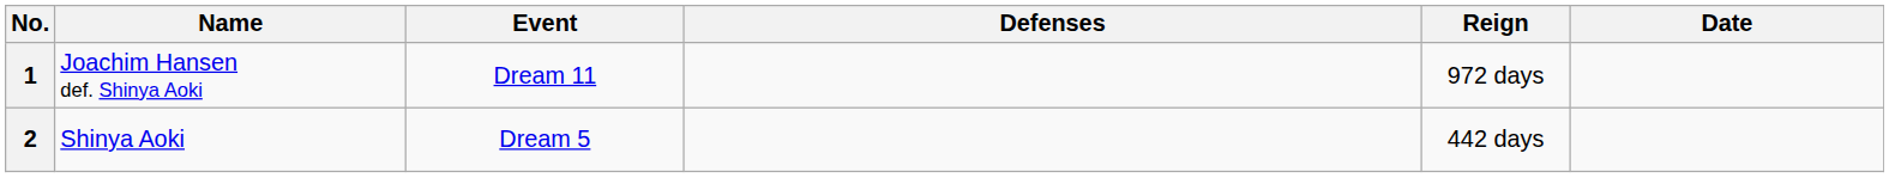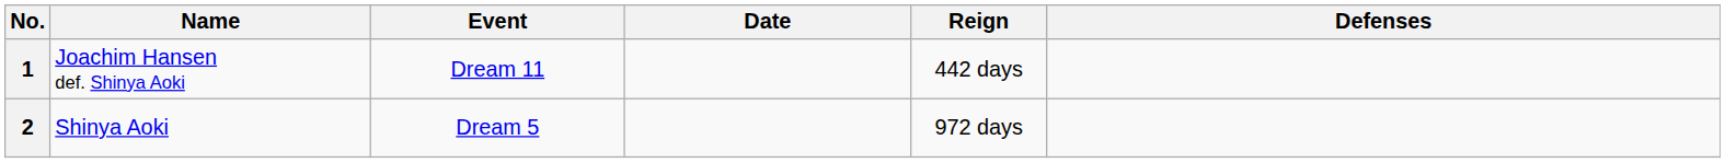 <table class="wikitable" width=100%>
 <tr>
 <th width=1%>No.</th>
 <th width=19%>Name</th>
 <th width=15%>Event</th>
+<th width=17%>Date</th>
+<th width=8%>Reign</th>
 <th width=40%>Defenses</th>
-<th width=8%>Reign</th>
-<th width=17%>Date</th>
 </tr>
 <tr>
 <th>1</th>
 <td align=left> <a href='#'>Joachim Hansen</a><br><small>def. <a href='#'>Shinya Aoki</a></small></td>
 <td align=center><a href='#'>Dream 11</a><br></td>
+<td align=center></td>
+<td align=center>442 days</td>
 <td><small></small></td>
-<td align="center">972 days</td>
-<td align=center></td>
 </tr>
 <tr>
 <th>2</th>
 <td align=left> <a href='#'>Shinya Aoki</a></td>
 <td align=center><a href='#'>Dream 5</a><br></td>
+<td align=center></td>
+<td align="center">972 days</td>
 <td><br><br> </td>
-<td align=center>442 days</td>
-<td align=center></td>
 </tr>
 </table>
